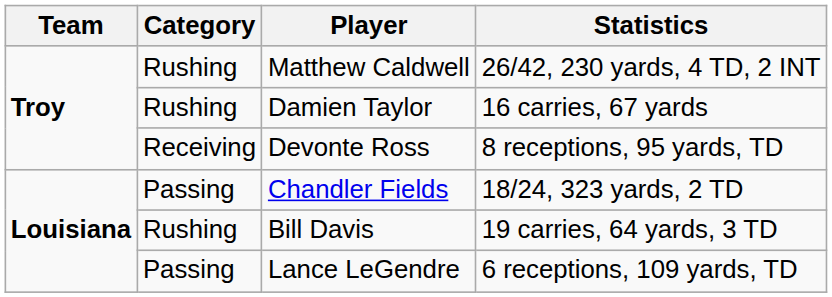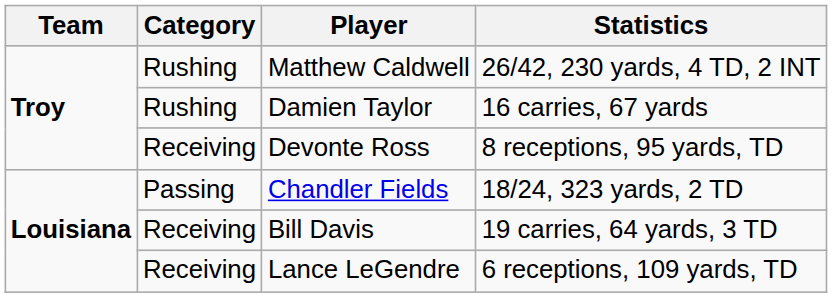 <table class="wikitable" style="float: right;">
 <tr>
 <th>Team</th>
 <th>Category</th>
 <th>Player</th>
 <th>Statistics</th>
 </tr>
 <tr>
 <td rowspan=3><strong>Troy</strong></td>
 <td>Rushing</td>
 <td>Matthew Caldwell</td>
 <td>26/42, 230 yards, 4 TD, 2 INT</td>
 </tr>
 <tr>
 <td>Rushing</td>
 <td>Damien Taylor</td>
 <td>16 carries, 67 yards</td>
 </tr>
 <tr>
 <td>Receiving</td>
 <td>Devonte Ross</td>
 <td>8 receptions, 95 yards, TD</td>
 </tr>
 <tr>
 <td rowspan=3><strong>Louisiana</strong></td>
 <td>Passing</td>
 <td><a href='#'>Chandler Fields</a></td>
 <td>18/24, 323 yards, 2 TD</td>
 </tr>
 <tr>
-<td>Rushing</td>
+<td>Receiving</td>
 <td>Bill Davis</td>
 <td>19 carries, 64 yards, 3 TD</td>
 </tr>
 <tr>
-<td>Passing</td>
+<td>Receiving</td>
 <td>Lance LeGendre</td>
 <td>6 receptions, 109 yards, TD</td>
 </tr>
 </table>
